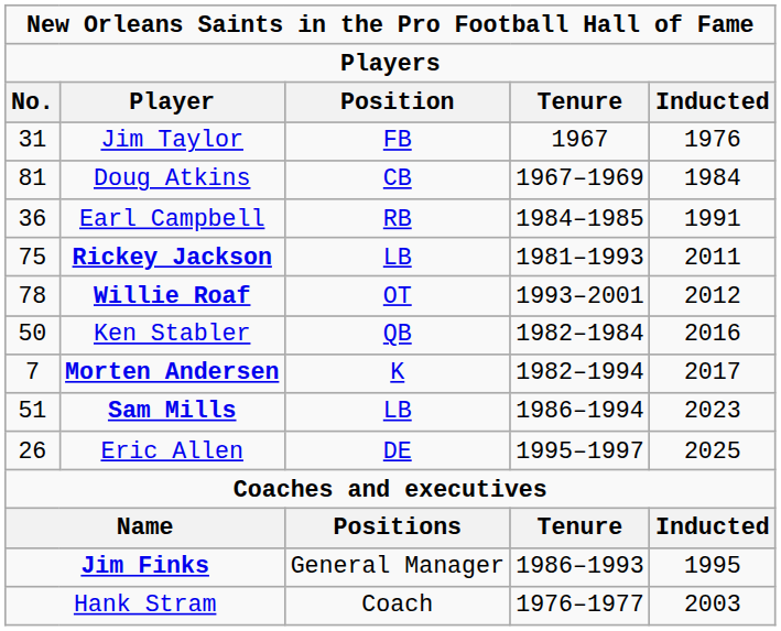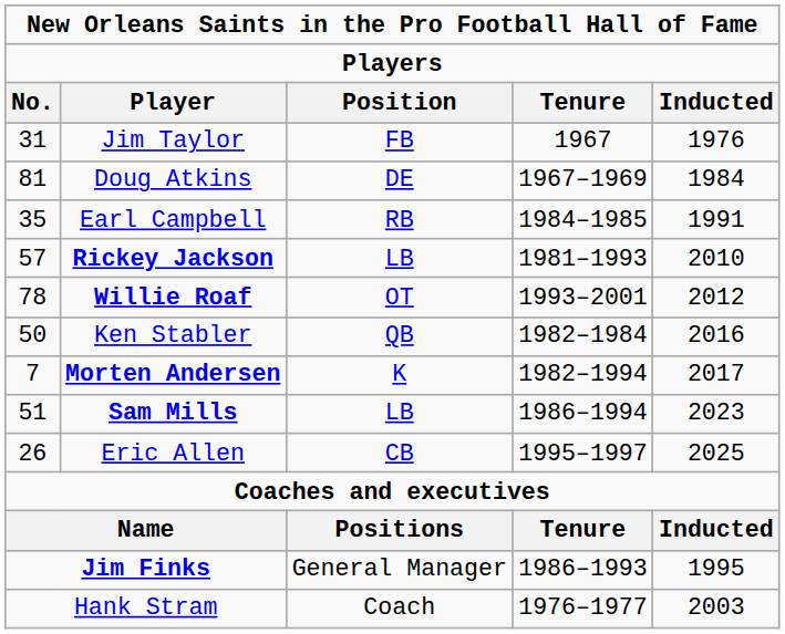 <table class="wikitable" style="text-align:center">
 <tr>
 <td colspan="5"><strong>New Orleans Saints in the Pro Football Hall of Fame</strong></td>
 </tr>
 <tr>
 <td colspan="5"><strong>Players</strong></td>
 </tr>
 <tr>
 <th>No.</th>
 <th>Player</th>
 <th>Position</th>
 <th>Tenure</th>
 <th>Inducted</th>
 </tr>
 <tr>
 <td>31</td>
 <td><a href='#'>Jim Taylor</a></td>
 <td><a href='#'>FB</a></td>
 <td>1967</td>
 <td>1976</td>
 </tr>
 <tr>
 <td>81</td>
 <td><a href='#'>Doug Atkins</a></td>
-<td><a href='#'>CB</a></td>
+<td><a href='#'>DE</a></td>
 <td>1967–1969</td>
 <td>1984</td>
 </tr>
 <tr>
-<td>36</td>
+<td>35</td>
 <td><a href='#'>Earl Campbell</a></td>
 <td><a href='#'>RB</a></td>
 <td>1984–1985</td>
 <td>1991</td>
 </tr>
 <tr>
-<td>75</td>
+<td>57</td>
 <td><strong><a href='#'>Rickey Jackson</a></strong></td>
 <td><a href='#'>LB</a></td>
 <td>1981–1993</td>
-<td>2011</td>
+<td>2010</td>
 </tr>
 <tr>
 <td>78</td>
 <td><strong><a href='#'>Willie Roaf</a></strong></td>
 <td><a href='#'>OT</a></td>
 <td>1993–2001</td>
 <td>2012</td>
 </tr>
 <tr>
 <td>50</td>
 <td><a href='#'>Ken Stabler</a></td>
 <td><a href='#'>QB</a></td>
 <td>1982–1984</td>
 <td>2016</td>
 </tr>
 <tr>
 <td>7</td>
 <td><strong><a href='#'>Morten Andersen</a></strong></td>
 <td><a href='#'>K</a></td>
 <td>1982–1994</td>
 <td>2017</td>
 </tr>
 <tr>
 <td>51</td>
 <td><strong><a href='#'>Sam Mills</a></strong></td>
 <td><a href='#'>LB</a></td>
 <td>1986–1994</td>
 <td>2023</td>
 </tr>
 <tr>
 <td>26</td>
 <td><a href='#'>Eric Allen</a></td>
-<td><a href='#'>DE</a></td>
+<td><a href='#'>CB</a></td>
 <td>1995–1997</td>
 <td>2025</td>
 </tr>
 <tr>
 <td colspan="5"><strong>Coaches and executives</strong></td>
 </tr>
 <tr>
 <th colspan="2">Name</th>
 <th>Positions</th>
 <th>Tenure</th>
 <th>Inducted</th>
 </tr>
 <tr align=center>
 <td colspan="2"><strong><a href='#'>Jim Finks</a></strong></td>
 <td>General Manager</td>
 <td>1986–1993</td>
 <td>1995</td>
 </tr>
 <tr align=center>
 <td colspan="2"><a href='#'>Hank Stram</a></td>
 <td>Coach</td>
 <td>1976–1977</td>
 <td>2003</td>
 </tr>
 </table>
